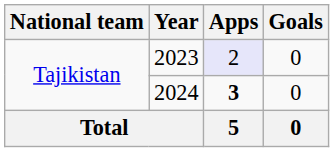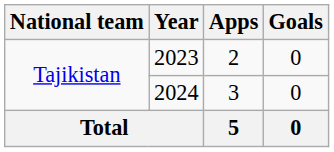 <table class="wikitable" style="text-align:center">
 <tr>
 <th>National team</th>
 <th>Year</th>
 <th>Apps</th>
 <th>Goals</th>
 </tr>
 <tr>
 <td rowspan="2"><a href='#'>Tajikistan</a></td>
 <td>2023</td>
-<td style="background: lavender;">2</td>
+<td>2</td>
 <td>0</td>
 </tr>
 <tr>
 <td>2024</td>
-<td><strong>3</strong></td>
+<td>3</td>
 <td>0</td>
 </tr>
 <tr>
 <th colspan="2">Total</th>
 <th>5</th>
 <th>0</th>
 </tr>
 </table>
